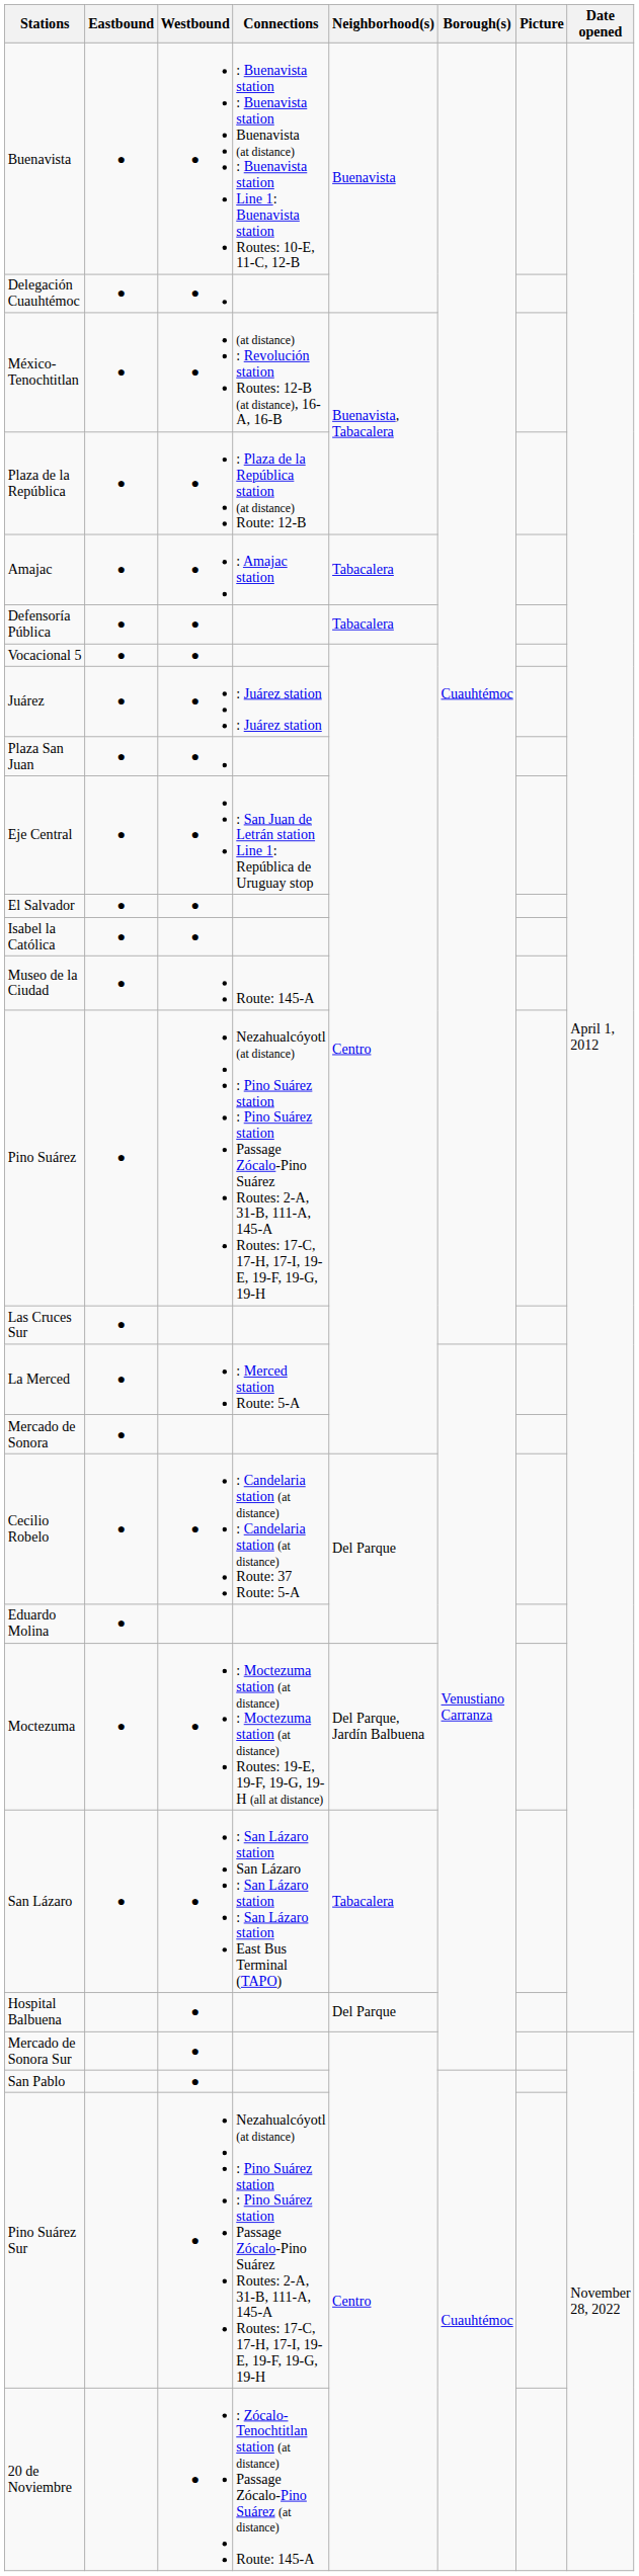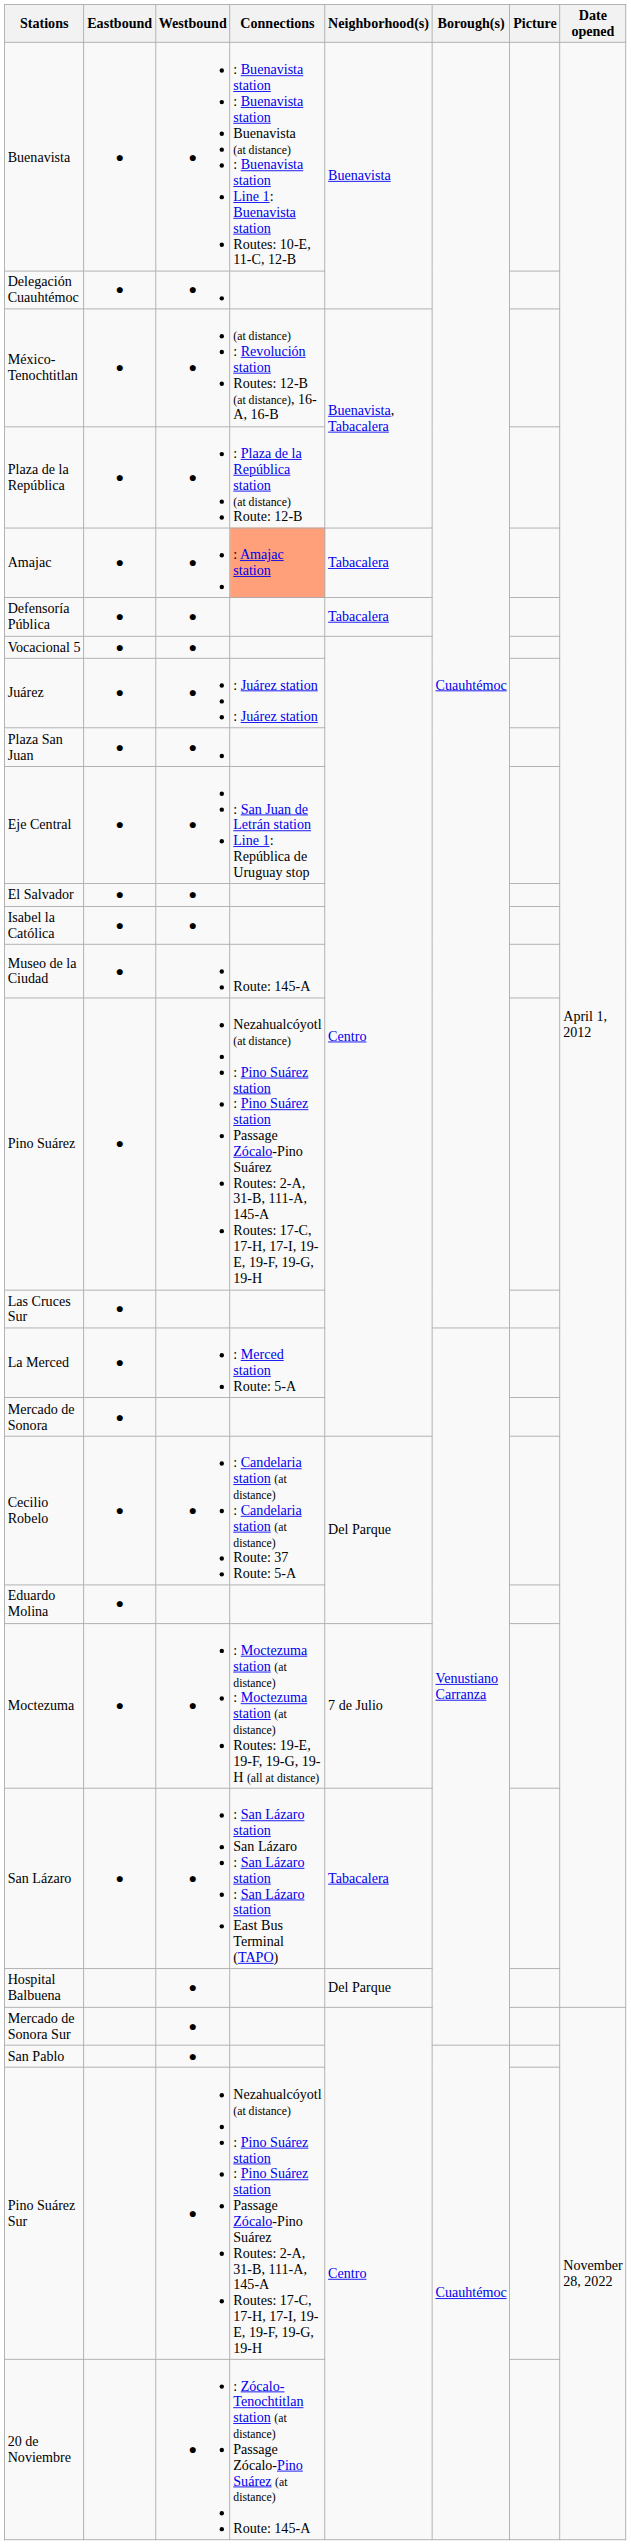 <table width="80%"  class="wikitable">
 <tr>
 <th align="center" width="30%">Stations</th>
 <th align="center">Eastbound</th>
 <th align="center">Westbound</th>
 <th>Connections</th>
 <th>Neighborhood(s)</th>
 <th width="100px">Borough(s)</th>
 <th>Picture</th>
 <th>Date opened</th>
 </tr>
 <tr>
 <td>Buenavista</td>
 <td align="center">●</td>
 <td align="center">●</td>
 <td><br><li> : <a href='#'>Buenavista station</a></li> <li> : <a href='#'>Buenavista station</a></li> <li> Buenavista</li> <li> <small>(at distance)</small></li> <li> : <a href='#'>Buenavista station</a></li> <li> <a href='#'>Line 1</a>: <a href='#'>Buenavista station</a></li> <li> Routes: 10-E, 11-C, 12-B</td>
 <td rowspan=2><a href='#'>Buenavista</a></td>
 <td rowspan=15><a href='#'>Cuauhtémoc</a></td>
 <td></td>
 <td rowspan=22>April 1, 2012</td>
 </tr>
 <tr>
 <td>Delegación Cuauhtémoc</td>
 <td align="center">●</td>
 <td align="center">●</td>
 <td><br><li></td>
 <td></td>
 </tr>
 <tr>
 <td>México-Tenochtitlan</td>
 <td align="center">●</td>
 <td align="center">●</td>
 <td><br><li> <small>(at distance)</small></li> <li> : <a href='#'>Revolución station</a></li> <li> Routes: 12-B <small>(at distance)</small>, 16-A, 16-B</td>
 <td rowspan=2><a href='#'>Buenavista</a>, <a href='#'>Tabacalera</a></td>
 <td></td>
 </tr>
 <tr>
 <td> Plaza de la República</td>
 <td align="center">●</td>
 <td align="center">●</td>
 <td><br><li> : <a href='#'>Plaza de la República station</a></li> <li> <small>(at distance)</small></li> <li> Route: 12-B</td>
 <td></td>
 </tr>
 <tr>
 <td> Amajac</td>
 <td align="center">●</td>
 <td align="center">●</td>
-<td><br><li> : <a href='#'>Amajac station</a></li> <li></td>
+<td style="background: lightsalmon;"><br><li> : <a href='#'>Amajac station</a></li> <li></td>
 <td><a href='#'>Tabacalera</a></td>
 <td></td>
 </tr>
 <tr>
 <td> Defensoría Pública</td>
 <td align="center">●</td>
 <td align="center">●</td>
 <td></td>
 <td><a href='#'>Tabacalera</a></td>
 <td></td>
 </tr>
 <tr>
 <td> Vocacional 5</td>
 <td align="center">●</td>
 <td align="center">●</td>
 <td></td>
 <td rowspan=11><a href='#'>Centro</a></td>
 <td></td>
 </tr>
 <tr>
 <td> Juárez</td>
 <td align="center">●</td>
 <td align="center">●</td>
 <td><br><li> : <a href='#'>Juárez station</a></li> <li></li> <li> : <a href='#'>Juárez station</a></td>
 <td></td>
 </tr>
 <tr>
 <td> Plaza San Juan</td>
 <td align="center">●</td>
 <td align="center">●</td>
 <td><br><li></td>
 <td></td>
 </tr>
 <tr>
 <td> Eje Central</td>
 <td align="center">●</td>
 <td align="center">●</td>
 <td><br><li></li> <li> : <a href='#'>San Juan de Letrán station</a></li> <li> <a href='#'>Line 1</a>: República de Uruguay stop</td>
 <td></td>
 </tr>
 <tr>
 <td> El Salvador</td>
 <td align="center">●</td>
 <td align="center">●</td>
 <td></td>
 <td></td>
 </tr>
 <tr>
 <td> Isabel la Católica</td>
 <td align="center">●</td>
 <td align="center">●</td>
 <td></td>
 <td></td>
 </tr>
 <tr>
 <td> Museo de la Ciudad</td>
 <td align="center">●</td>
 <td align="center"></td>
 <td><br><li></li> <li> Route: 145-A</td>
 <td></td>
 </tr>
 <tr>
 <td> Pino Suárez</td>
 <td align="center">●</td>
 <td align="center"></td>
 <td><br><li> Nezahualcóyotl <small>(at distance)</small></li> <li></li> <li> : <a href='#'>Pino Suárez station</a></li> <li> : <a href='#'>Pino Suárez station</a></li> <li> Passage <a href='#'>Zócalo</a>-Pino Suárez</li> <li> Routes: 2-A, 31-B, 111-A, 145-A</li> <li> Routes: 17-C, 17-H, 17-I, 19-E, 19-F, 19-G, 19-H</td>
 <td></td>
 </tr>
 <tr>
 <td> Las Cruces Sur</td>
 <td align="center">●</td>
 <td align="center"></td>
 <td></td>
 <td></td>
 </tr>
 <tr>
 <td> La Merced</td>
 <td align="center">●</td>
 <td align="center"></td>
 <td><br><li> : <a href='#'>Merced station</a></li> <li> Route: 5-A</td>
 <td rowspan=8><a href='#'>Venustiano Carranza</a></td>
 <td></td>
 </tr>
 <tr>
 <td> Mercado de Sonora</td>
 <td align="center">●</td>
 <td align="center"></td>
 <td></td>
 <td></td>
 </tr>
 <tr>
 <td> Cecilio Robelo</td>
 <td align="center">●</td>
 <td align="center">●</td>
 <td><br><li> : <a href='#'>Candelaria station</a> <small>(at distance)</small></li> <li> : <a href='#'>Candelaria station</a> <small>(at distance)</small></li> <li> Route: 37</li> <li> Route: 5-A</td>
 <td rowspan=2>Del Parque</td>
 <td></td>
 </tr>
 <tr>
 <td> Eduardo Molina</td>
 <td align="center">●</td>
 <td align="center"></td>
 <td></td>
 <td></td>
 </tr>
 <tr>
 <td> Moctezuma</td>
 <td align="center">●</td>
 <td align="center">●</td>
 <td><br><li> : <a href='#'>Moctezuma station</a> <small>(at distance)</small></li> <li> : <a href='#'>Moctezuma station</a> <small>(at distance)</small></li> <li> Routes: 19-E, 19-F, 19-G, 19-H <small>(all at distance)</small></td>
-<td>Del Parque, Jardín Balbuena</td>
+<td>7 de Julio</td>
 <td></td>
 </tr>
 <tr>
 <td>San Lázaro</td>
 <td align="center">●</td>
 <td align="center">●</td>
 <td><br><li> : <a href='#'>San Lázaro station</a></li> <li> San Lázaro</li> <li> : <a href='#'>San Lázaro station</a></li> <li> : <a href='#'>San Lázaro station</a></li> <li> East Bus Terminal (<a href='#'>TAPO</a>)</td>
 <td><a href='#'>Tabacalera</a></td>
 <td></td>
 </tr>
 <tr>
 <td> Hospital Balbuena</td>
 <td align="center"></td>
 <td align="center">●</td>
 <td></td>
 <td>Del Parque</td>
 <td></td>
 </tr>
 <tr>
 <td> Mercado de Sonora Sur</td>
 <td align="center"></td>
 <td align="center">●</td>
 <td></td>
 <td rowspan=4><a href='#'>Centro</a></td>
 <td></td>
 <td rowspan=4>November 28, 2022</td>
 </tr>
 <tr>
 <td> San Pablo</td>
 <td align="center"></td>
 <td align="center">●</td>
 <td></td>
 <td rowspan=3><a href='#'>Cuauhtémoc</a></td>
 <td></td>
 </tr>
 <tr>
 <td> Pino Suárez Sur</td>
 <td align="center"></td>
 <td align="center">●</td>
 <td><br><li> Nezahualcóyotl <small>(at distance)</small></li> <li></li> <li> : <a href='#'>Pino Suárez station</a></li> <li> : <a href='#'>Pino Suárez station</a></li> <li> Passage <a href='#'>Zócalo</a>-Pino Suárez</li> <li> Routes: 2-A, 31-B, 111-A, 145-A</li> <li> Routes: 17-C, 17-H, 17-I, 19-E, 19-F, 19-G, 19-H</td>
 <td></td>
 </tr>
 <tr>
 <td> 20 de Noviembre</td>
 <td align="center"></td>
 <td align="center">●</td>
 <td><br><li> : <a href='#'>Zócalo-Tenochtitlan station</a> <small>(at distance)</small></li> <li> Passage Zócalo-<a href='#'>Pino Suárez</a> <small>(at distance)</small><br><li><br><li> Route: 145-A</td>
 <td></td>
 </tr>
 </table>
